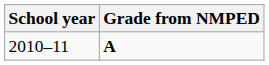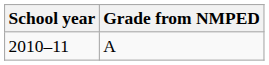 <table class="wikitable">
 <tr>
 <th>School year</th>
 <th>Grade from NMPED</th>
 </tr>
 <tr>
 <td>2010–11</td>
-<td><strong>A</strong></td>
+<td>A</td>
 </tr>
 </table>
